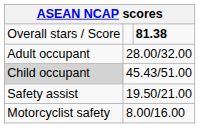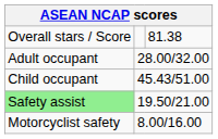 <table class="wikitable">
 <tr>
 <th colspan="3"><a href='#'>ASEAN NCAP</a> scores</th>
 </tr>
 <tr>
 <td>Overall stars / Score</td>
 <td></td>
-<td><strong>81.38</strong></td>
+<td>81.38</td>
 </tr>
 <tr>
 <td>Adult occupant</td>
 <td colspan="2">28.00/32.00</td>
 </tr>
 <tr>
-<td style="background: lightgrey;">Child occupant</td>
+<td>Child occupant</td>
 <td colspan="2">45.43/51.00</td>
 </tr>
 <tr>
-<td>Safety assist</td>
+<td style="background: lightgreen;">Safety assist</td>
 <td colspan="2">19.50/21.00</td>
 </tr>
 <tr>
 <td>Motorcyclist safety</td>
 <td colspan="2">8.00/16.00</td>
 </tr>
 </table>
